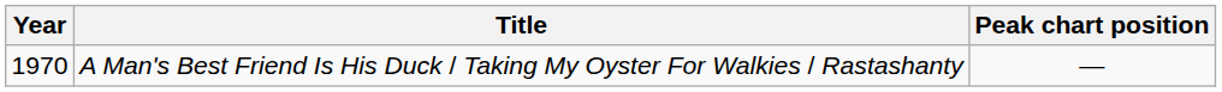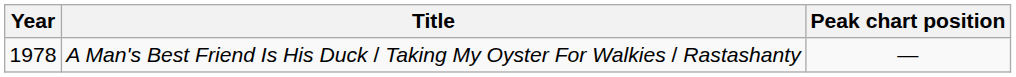 <table class="wikitable" style="text-align: center">
 <tr>
 <th>Year</th>
 <th>Title</th>
 <th>Peak chart position</th>
 </tr>
 <tr>
-<td>1970</td>
+<td>1978</td>
 <td style="text-align: left"><em>A Man's Best Friend Is His Duck</em> / <em>Taking My Oyster For Walkies</em> / <em>Rastashanty </em></td>
 <td>—</td>
 </tr>
 </table>
